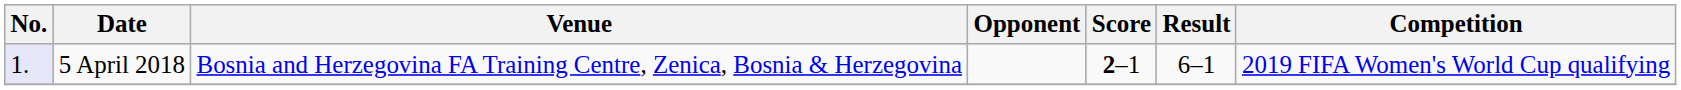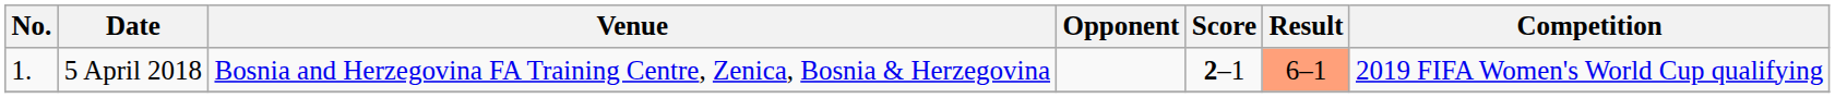 <table class="wikitable">
 <tr>
 <th>No.</th>
 <th>Date</th>
 <th>Venue</th>
 <th>Opponent</th>
 <th>Score</th>
 <th>Result</th>
 <th>Competition</th>
 </tr>
 <tr>
-<td style="background: lavender;">1.</td>
+<td>1.</td>
 <td>5 April 2018</td>
 <td><a href='#'>Bosnia and Herzegovina FA Training Centre</a>, <a href='#'>Zenica</a>, <a href='#'>Bosnia & Herzegovina</a></td>
 <td></td>
 <td align=center><strong>2</strong>–1</td>
-<td align=center>6–1</td>
+<td align=center style="background: lightsalmon;">6–1</td>
 <td><a href='#'>2019 FIFA Women's World Cup qualifying</a></td>
 </tr>
 <tr>
 </tr>
 </table>
